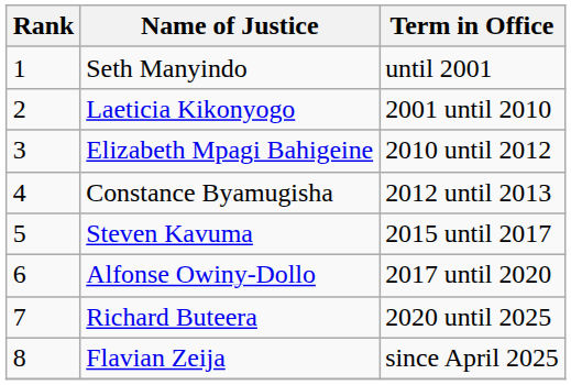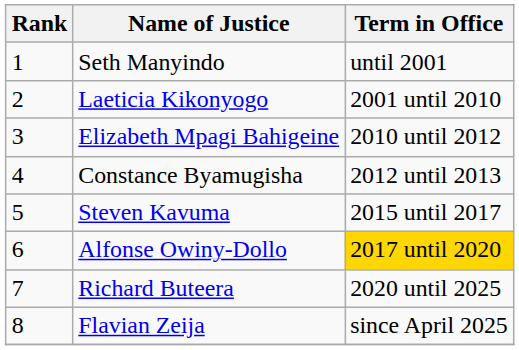 <table class="wikitable sortable" style="margin: 0.5em auto">
 <tr>
 <th>Rank</th>
 <th>Name of Justice</th>
 <th>Term in Office</th>
 </tr>
 <tr>
 <td>1</td>
 <td>Seth Manyindo</td>
 <td>until 2001</td>
 </tr>
 <tr>
 <td>2</td>
 <td><a href='#'>Laeticia Kikonyogo</a></td>
 <td>2001 until 2010</td>
 </tr>
 <tr>
 <td>3</td>
 <td><a href='#'>Elizabeth Mpagi Bahigeine</a></td>
 <td>2010 until 2012</td>
 </tr>
 <tr>
 <td>4</td>
 <td>Constance Byamugisha</td>
 <td>2012 until 2013</td>
 </tr>
 <tr>
 <td>5</td>
 <td><a href='#'>Steven Kavuma</a></td>
 <td>2015 until 2017</td>
 </tr>
 <tr>
 <td>6</td>
 <td><a href='#'>Alfonse Owiny-Dollo</a></td>
-<td>2017 until 2020</td>
+<td style="background: gold;">2017 until 2020</td>
 </tr>
 <tr>
 <td>7</td>
 <td><a href='#'>Richard Buteera</a></td>
 <td>2020 until 2025</td>
 </tr>
 <tr>
 <td>8</td>
 <td><a href='#'>Flavian Zeija</a></td>
 <td>since April 2025</td>
 </tr>
 <tr>
 </tr>
 </table>
